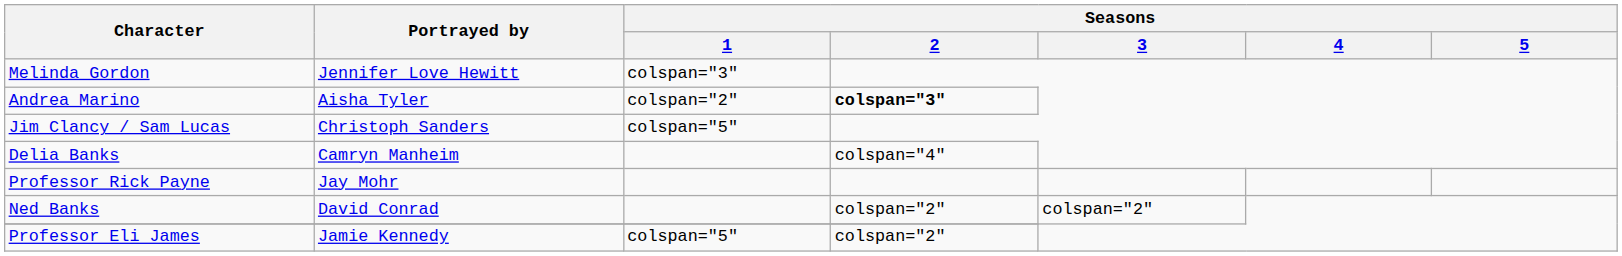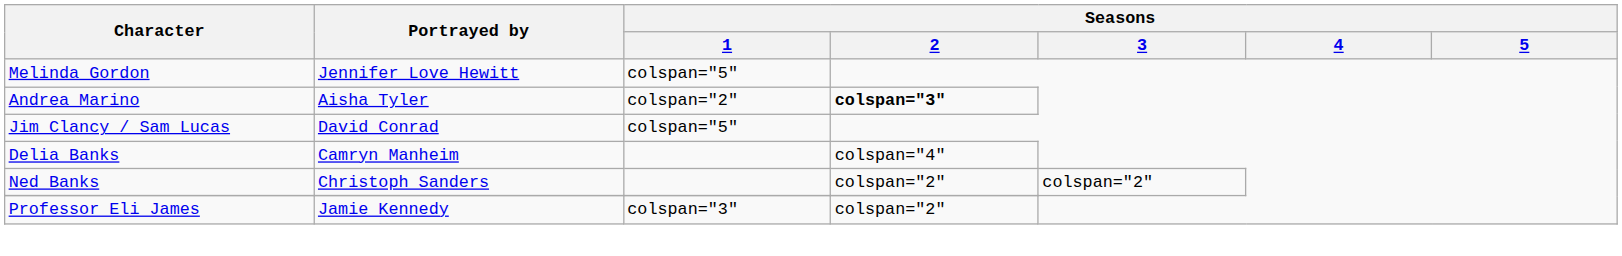 <table class="wikitable">
 <tr>
 <th style="width:10%;" rowspan="2">Character</th>
 <th style="width:10%;" rowspan="2">Portrayed by</th>
 <th colspan="5">Seasons</th>
 </tr>
 <tr>
 <th width="6%"><a href='#'>1</a></th>
 <th width="6%"><a href='#'>2</a></th>
 <th width="6%"><a href='#'>3</a></th>
 <th width="6%"><a href='#'>4</a></th>
 <th width="6%"><a href='#'>5</a></th>
 </tr>
 <tr>
 <td><a href='#'>Melinda Gordon</a></td>
 <td><a href='#'>Jennifer Love Hewitt</a></td>
-<td>colspan="3"  </td>
+<td>colspan="5" </td>
 </tr>
 <tr>
 <td><a href='#'>Andrea Marino</a></td>
 <td><a href='#'>Aisha Tyler</a></td>
 <td>colspan="2" </td>
 <td><strong>colspan="3" </strong></td>
 </tr>
 <tr>
 <td><a href='#'>Jim Clancy / Sam Lucas</a></td>
-<td><a href='#'>Christoph Sanders</a></td>
+<td><a href='#'>David Conrad</a></td>
 <td>colspan="5" </td>
 </tr>
 <tr>
 <td><a href='#'>Delia Banks</a></td>
 <td><a href='#'>Camryn Manheim</a></td>
 <td></td>
 <td>colspan="4" </td>
 </tr>
 <tr>
-<td><a href='#'>Professor Rick Payne</a></td>
-<td><a href='#'>Jay Mohr</a></td>
-<td></td>
-<td></td>
-<td></td>
-<td></td>
-<td></td>
-</tr>
-<tr>
 <td><a href='#'>Ned Banks</a></td>
-<td><a href='#'>David Conrad</a></td>
+<td><a href='#'>Christoph Sanders</a></td>
 <td></td>
 <td>colspan="2" </td>
 <td>colspan="2" </td>
 </tr>
 <tr>
 </tr>
 <tr>
 <td><a href='#'>Professor Eli James</a></td>
 <td><a href='#'>Jamie Kennedy</a></td>
-<td>colspan="5" </td>
+<td>colspan="3"  </td>
 <td>colspan="2" </td>
 </tr>
 </table>
